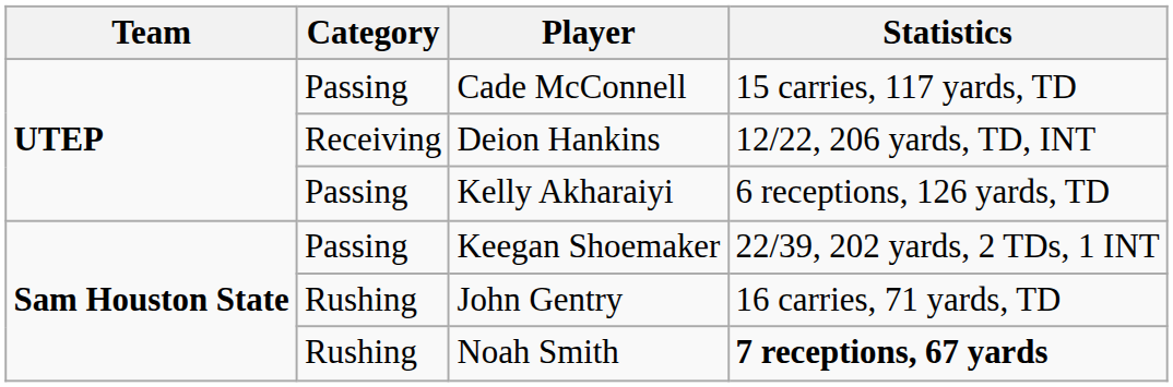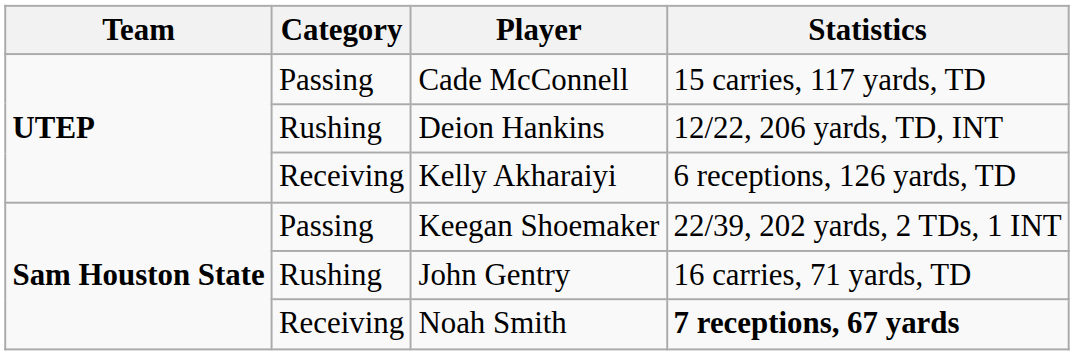 <table class="wikitable" style="float: right;">
 <tr>
 <th>Team</th>
 <th>Category</th>
 <th>Player</th>
 <th>Statistics</th>
 </tr>
 <tr>
 <td rowspan=3><strong>UTEP</strong></td>
 <td>Passing</td>
 <td>Cade McConnell</td>
 <td>15 carries, 117 yards, TD</td>
 </tr>
 <tr>
-<td>Receiving</td>
+<td>Rushing</td>
 <td>Deion Hankins</td>
 <td>12/22, 206 yards, TD, INT</td>
 </tr>
 <tr>
-<td>Passing</td>
+<td>Receiving</td>
 <td>Kelly Akharaiyi</td>
 <td>6 receptions, 126 yards, TD</td>
 </tr>
 <tr>
 <td rowspan=3><strong>Sam Houston State</strong></td>
 <td>Passing</td>
 <td>Keegan Shoemaker</td>
 <td>22/39, 202 yards, 2 TDs, 1 INT</td>
 </tr>
 <tr>
 <td>Rushing</td>
 <td>John Gentry</td>
 <td>16 carries, 71 yards, TD</td>
 </tr>
 <tr>
-<td>Rushing</td>
+<td>Receiving</td>
 <td>Noah Smith</td>
 <td><strong>7 receptions, 67 yards</strong></td>
 </tr>
 </table>
